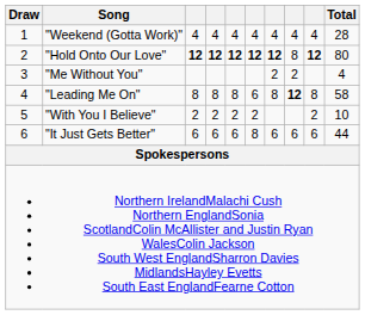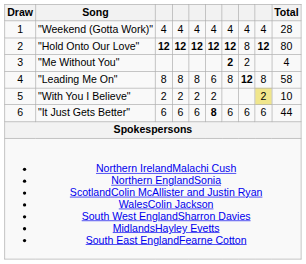 <table class="wikitable plainrowheaders" style="margin: 1em auto 1em auto; text-align:center;">
 <tr>
 <th>Draw</th>
 <th>Song</th>
 <th></th>
 <th></th>
 <th></th>
 <th></th>
 <th></th>
 <th></th>
 <th></th>
 <th>Total</th>
 </tr>
 <tr>
 <td>1</td>
 <td align="left">"Weekend (Gotta Work)"</td>
 <td>4</td>
 <td>4</td>
 <td>4</td>
 <td>4</td>
 <td>4</td>
 <td>4</td>
 <td>4</td>
 <td>28</td>
 </tr>
 <tr>
 <td>2</td>
 <td align="left">"Hold Onto Our Love"</td>
 <td><strong>12</strong></td>
 <td><strong>12</strong></td>
 <td><strong>12</strong></td>
 <td><strong>12</strong></td>
 <td><strong>12</strong></td>
 <td>8</td>
 <td><strong>12</strong></td>
 <td>80</td>
 </tr>
 <tr>
 <td>3</td>
 <td align="left">"Me Without You"</td>
 <td></td>
 <td></td>
 <td></td>
 <td></td>
-<td>2</td>
+<td><strong>2</strong></td>
 <td>2</td>
 <td></td>
 <td>4</td>
 </tr>
 <tr>
 <td>4</td>
 <td align="left">"Leading Me On"</td>
 <td>8</td>
 <td>8</td>
 <td>8</td>
 <td>6</td>
 <td>8</td>
 <td><strong>12</strong></td>
 <td>8</td>
 <td>58</td>
 </tr>
 <tr>
 <td>5</td>
 <td align="left">"With You I Believe"</td>
 <td>2</td>
 <td>2</td>
 <td>2</td>
 <td>2</td>
 <td></td>
 <td></td>
-<td>2</td>
+<td style="background: khaki;">2</td>
 <td>10</td>
 </tr>
 <tr>
 <td>6</td>
 <td align="left">"It Just Gets Better"</td>
 <td>6</td>
 <td>6</td>
 <td>6</td>
-<td>8</td>
+<td><strong>8</strong></td>
 <td>6</td>
 <td>6</td>
 <td>6</td>
 <td>44</td>
 </tr>
 <tr class="sortbottom">
 <th colspan="10">Spokespersons</th>
 </tr>
 <tr class="sortbottom">
 <td colspan="10"><br><ul><li><a href='#'>Northern Ireland</a><a href='#'>Malachi Cush</a></li><li><a href='#'>Northern England</a><a href='#'>Sonia</a></li><li><a href='#'>Scotland</a><a href='#'>Colin McAllister and Justin Ryan</a></li><li><a href='#'>Wales</a><a href='#'>Colin Jackson</a></li><li><a href='#'>South West England</a><a href='#'>Sharron Davies</a></li><li><a href='#'>Midlands</a><a href='#'>Hayley Evetts</a></li><li><a href='#'>South East England</a><a href='#'>Fearne Cotton</a></li></ul></td>
 </tr>
 </table>
